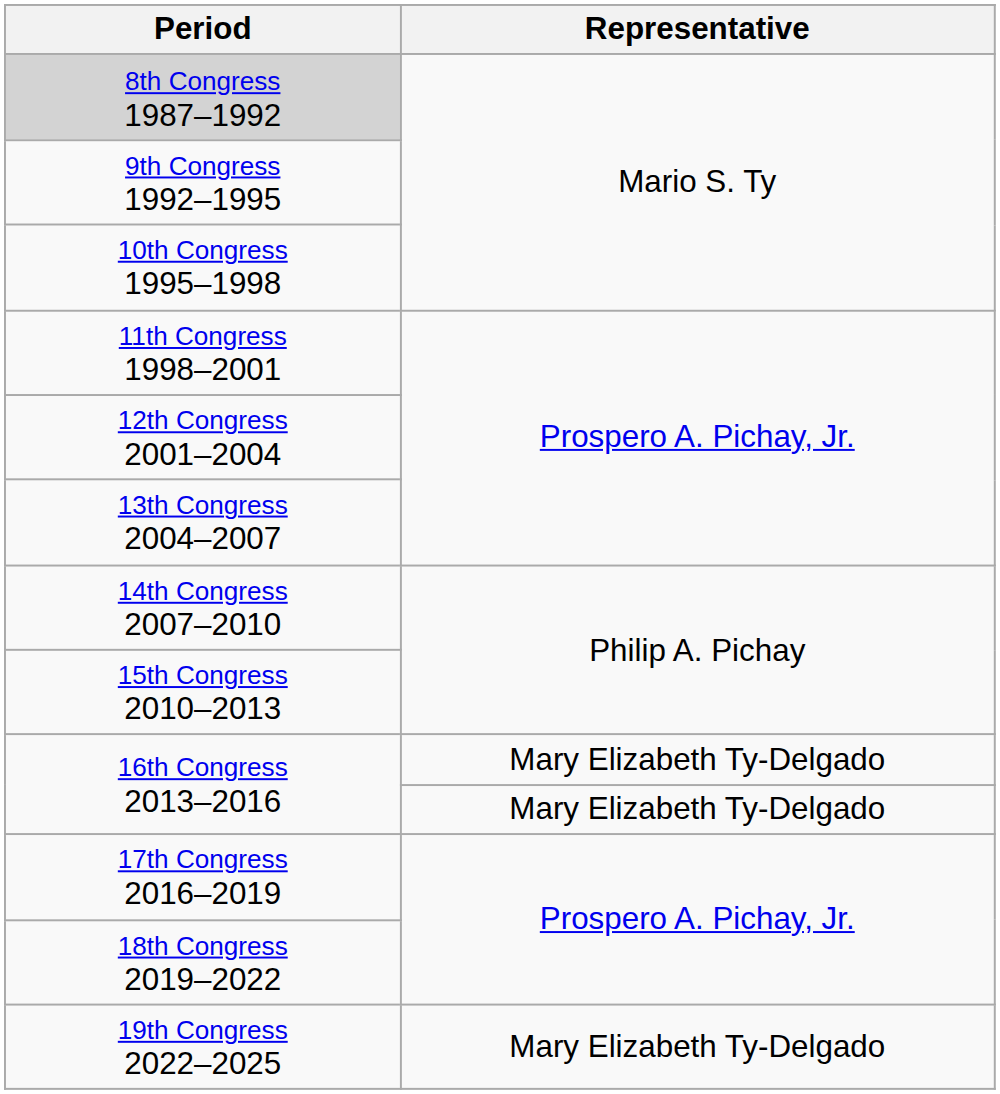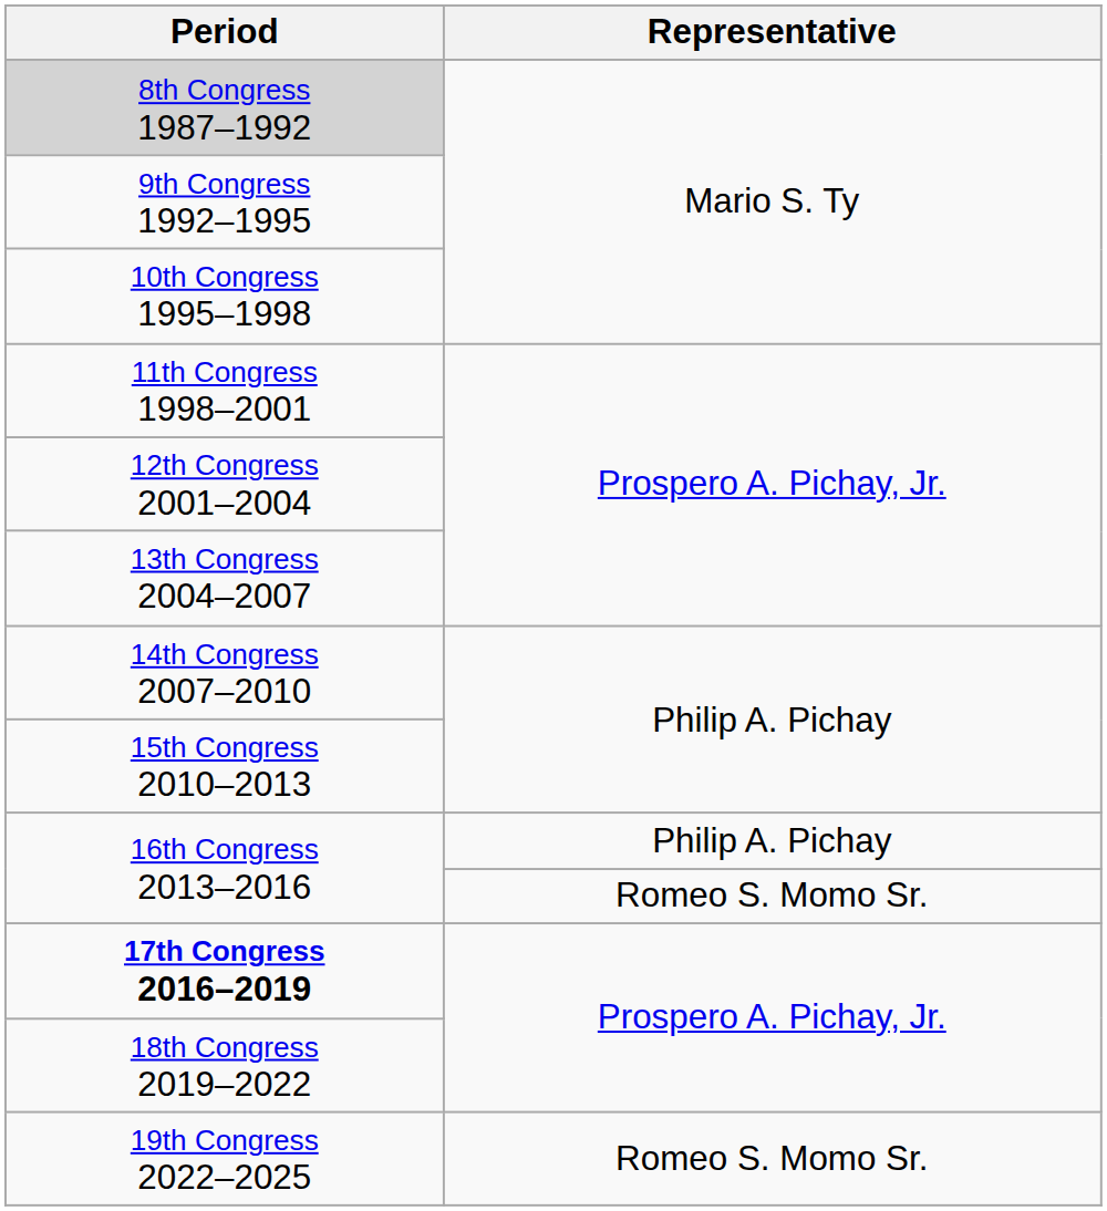 <table class="wikitable" style="text-align:center; width:40%;">
 <tr>
 <th width="40%">Period</th>
 <th>Representative</th>
 </tr>
 <tr>
 <td style="background: lightgrey;"><small><a href='#'>8th Congress</a></small><br>1987–1992</td>
 <td rowspan="3">Mario S. Ty</td>
 </tr>
 <tr>
 <td><small><a href='#'>9th Congress</a></small><br>1992–1995</td>
 </tr>
 <tr>
 <td><small><a href='#'>10th Congress</a></small><br>1995–1998</td>
 </tr>
 <tr>
 <td><small><a href='#'>11th Congress</a></small><br>1998–2001</td>
 <td rowspan="3"><a href='#'>Prospero A. Pichay, Jr.</a></td>
 </tr>
 <tr>
 <td><small><a href='#'>12th Congress</a></small><br>2001–2004</td>
 </tr>
 <tr>
 <td><small><a href='#'>13th Congress</a></small><br>2004–2007</td>
 </tr>
 <tr>
 <td><small><a href='#'>14th Congress</a></small><br>2007–2010</td>
 <td rowspan="2">Philip A. Pichay</td>
 </tr>
 <tr>
 <td><small><a href='#'>15th Congress</a></small><br>2010–2013</td>
 </tr>
 <tr>
 <td rowspan="2"><small><a href='#'>16th Congress</a></small><br>2013–2016</td>
-<td>Mary Elizabeth Ty-Delgado</td>
+<td>Philip A. Pichay</td>
 </tr>
 <tr>
-<td>Mary Elizabeth Ty-Delgado</td>
+<td>Romeo S. Momo Sr.</td>
 </tr>
 <tr>
-<td><small><a href='#'>17th Congress</a></small><br>2016–2019</td>
+<td><strong><small><a href='#'>17th Congress</a></small><br>2016–2019</strong></td>
 <td rowspan="2"><a href='#'>Prospero A. Pichay, Jr.</a></td>
 </tr>
 <tr>
 <td><small><a href='#'>18th Congress</a></small><br>2019–2022</td>
 </tr>
 <tr>
 <td><small><a href='#'>19th Congress</a></small><br>2022–2025</td>
-<td>Mary Elizabeth Ty-Delgado</td>
+<td>Romeo S. Momo Sr.</td>
 </tr>
 </table>
